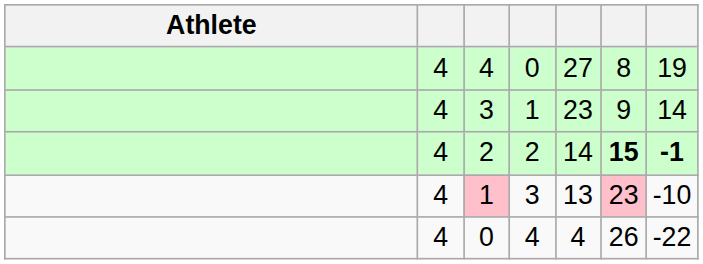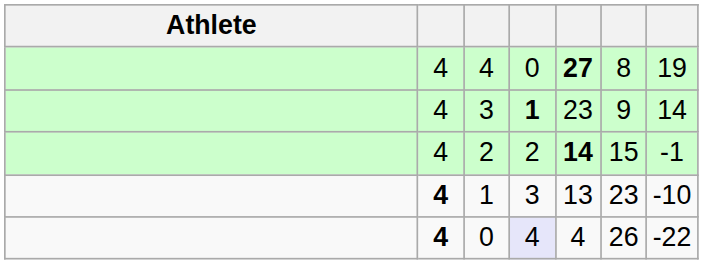 <table class="wikitable" style="text-align:center;">
 <tr>
 <th width=240>Athlete</th>
 <th width=20></th>
 <th width=20></th>
 <th width=20></th>
 <th width=20></th>
 <th width=20></th>
 <th width=20></th>
 </tr>
 <tr bgcolor=ccffcc>
 <td align="left"></td>
 <td>4</td>
 <td>4</td>
 <td>0</td>
-<td>27</td>
+<td><strong>27</strong></td>
 <td>8</td>
 <td>19</td>
 </tr>
 <tr bgcolor=ccffcc>
 <td align="left"></td>
 <td>4</td>
 <td>3</td>
-<td>1</td>
+<td><strong>1</strong></td>
 <td>23</td>
 <td>9</td>
 <td>14</td>
 </tr>
 <tr bgcolor=ccffcc>
 <td align="left"></td>
 <td>4</td>
 <td>2</td>
 <td>2</td>
-<td>14</td>
-<td><strong>15</strong></td>
-<td><strong>-1</strong></td>
+<td><strong>14</strong></td>
+<td>15</td>
+<td>-1</td>
 </tr>
 <tr>
 <td align="left"></td>
-<td>4</td>
-<td style="background: pink;">1</td>
+<td><strong>4</strong></td>
+<td>1</td>
 <td>3</td>
 <td>13</td>
-<td style="background: pink;">23</td>
+<td>23</td>
 <td>-10</td>
 </tr>
 <tr>
 <td align="left"></td>
-<td>4</td>
+<td><strong>4</strong></td>
 <td>0</td>
-<td>4</td>
+<td style="background: lavender;">4</td>
 <td>4</td>
 <td>26</td>
 <td>-22</td>
 </tr>
 </table>
